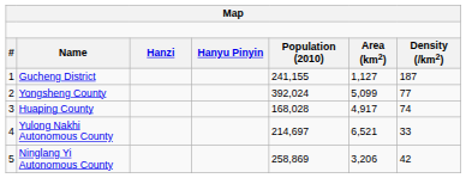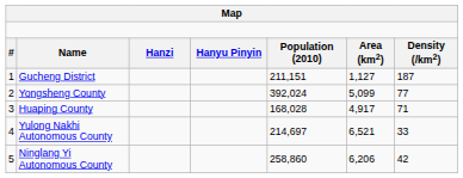 <table class="wikitable"  style="font-size:90%; width:50%; margin:auto;">
 <tr>
 <th colspan="7" style="text-align:center;">Map</th>
 </tr>
 <tr>
 <td colspan="7" style="text-align:center;"><div><br>        </div></td>
 </tr>
 <tr>
 <th>#</th>
 <th style="width:150px;">Name</th>
 <th style="width:80px;"><a href='#'>Hanzi</a></th>
 <th style="width:100px;"><a href='#'>Hanyu Pinyin</a></th>
 <th>Population (2010)</th>
 <th>Area (km<sup>2</sup>)</th>
 <th>Density (/km<sup>2</sup>)</th>
 </tr>
 <tr>
 <td>1</td>
 <td><a href='#'>Gucheng District</a></td>
 <td></td>
 <td></td>
-<td>241,155</td>
+<td>211,151</td>
 <td>1,127</td>
 <td>187</td>
 </tr>
 <tr>
 <td>2</td>
 <td><a href='#'>Yongsheng County</a></td>
 <td></td>
 <td></td>
 <td>392,024</td>
 <td>5,099</td>
 <td>77</td>
 </tr>
 <tr>
 <td>3</td>
 <td><a href='#'>Huaping County</a></td>
 <td></td>
 <td></td>
 <td>168,028</td>
 <td>4,917</td>
-<td>74</td>
+<td>71</td>
 </tr>
 <tr>
 <td>4</td>
 <td><a href='#'>Yulong Nakhi Autonomous County</a></td>
 <td></td>
 <td></td>
 <td>214,697</td>
 <td>6,521</td>
 <td>33</td>
 </tr>
 <tr>
 <td>5</td>
 <td><a href='#'>Ninglang Yi Autonomous County</a></td>
 <td></td>
 <td></td>
-<td>258,869</td>
-<td>3,206</td>
+<td>258,860</td>
+<td>6,206</td>
 <td>42</td>
 </tr>
 </table>
